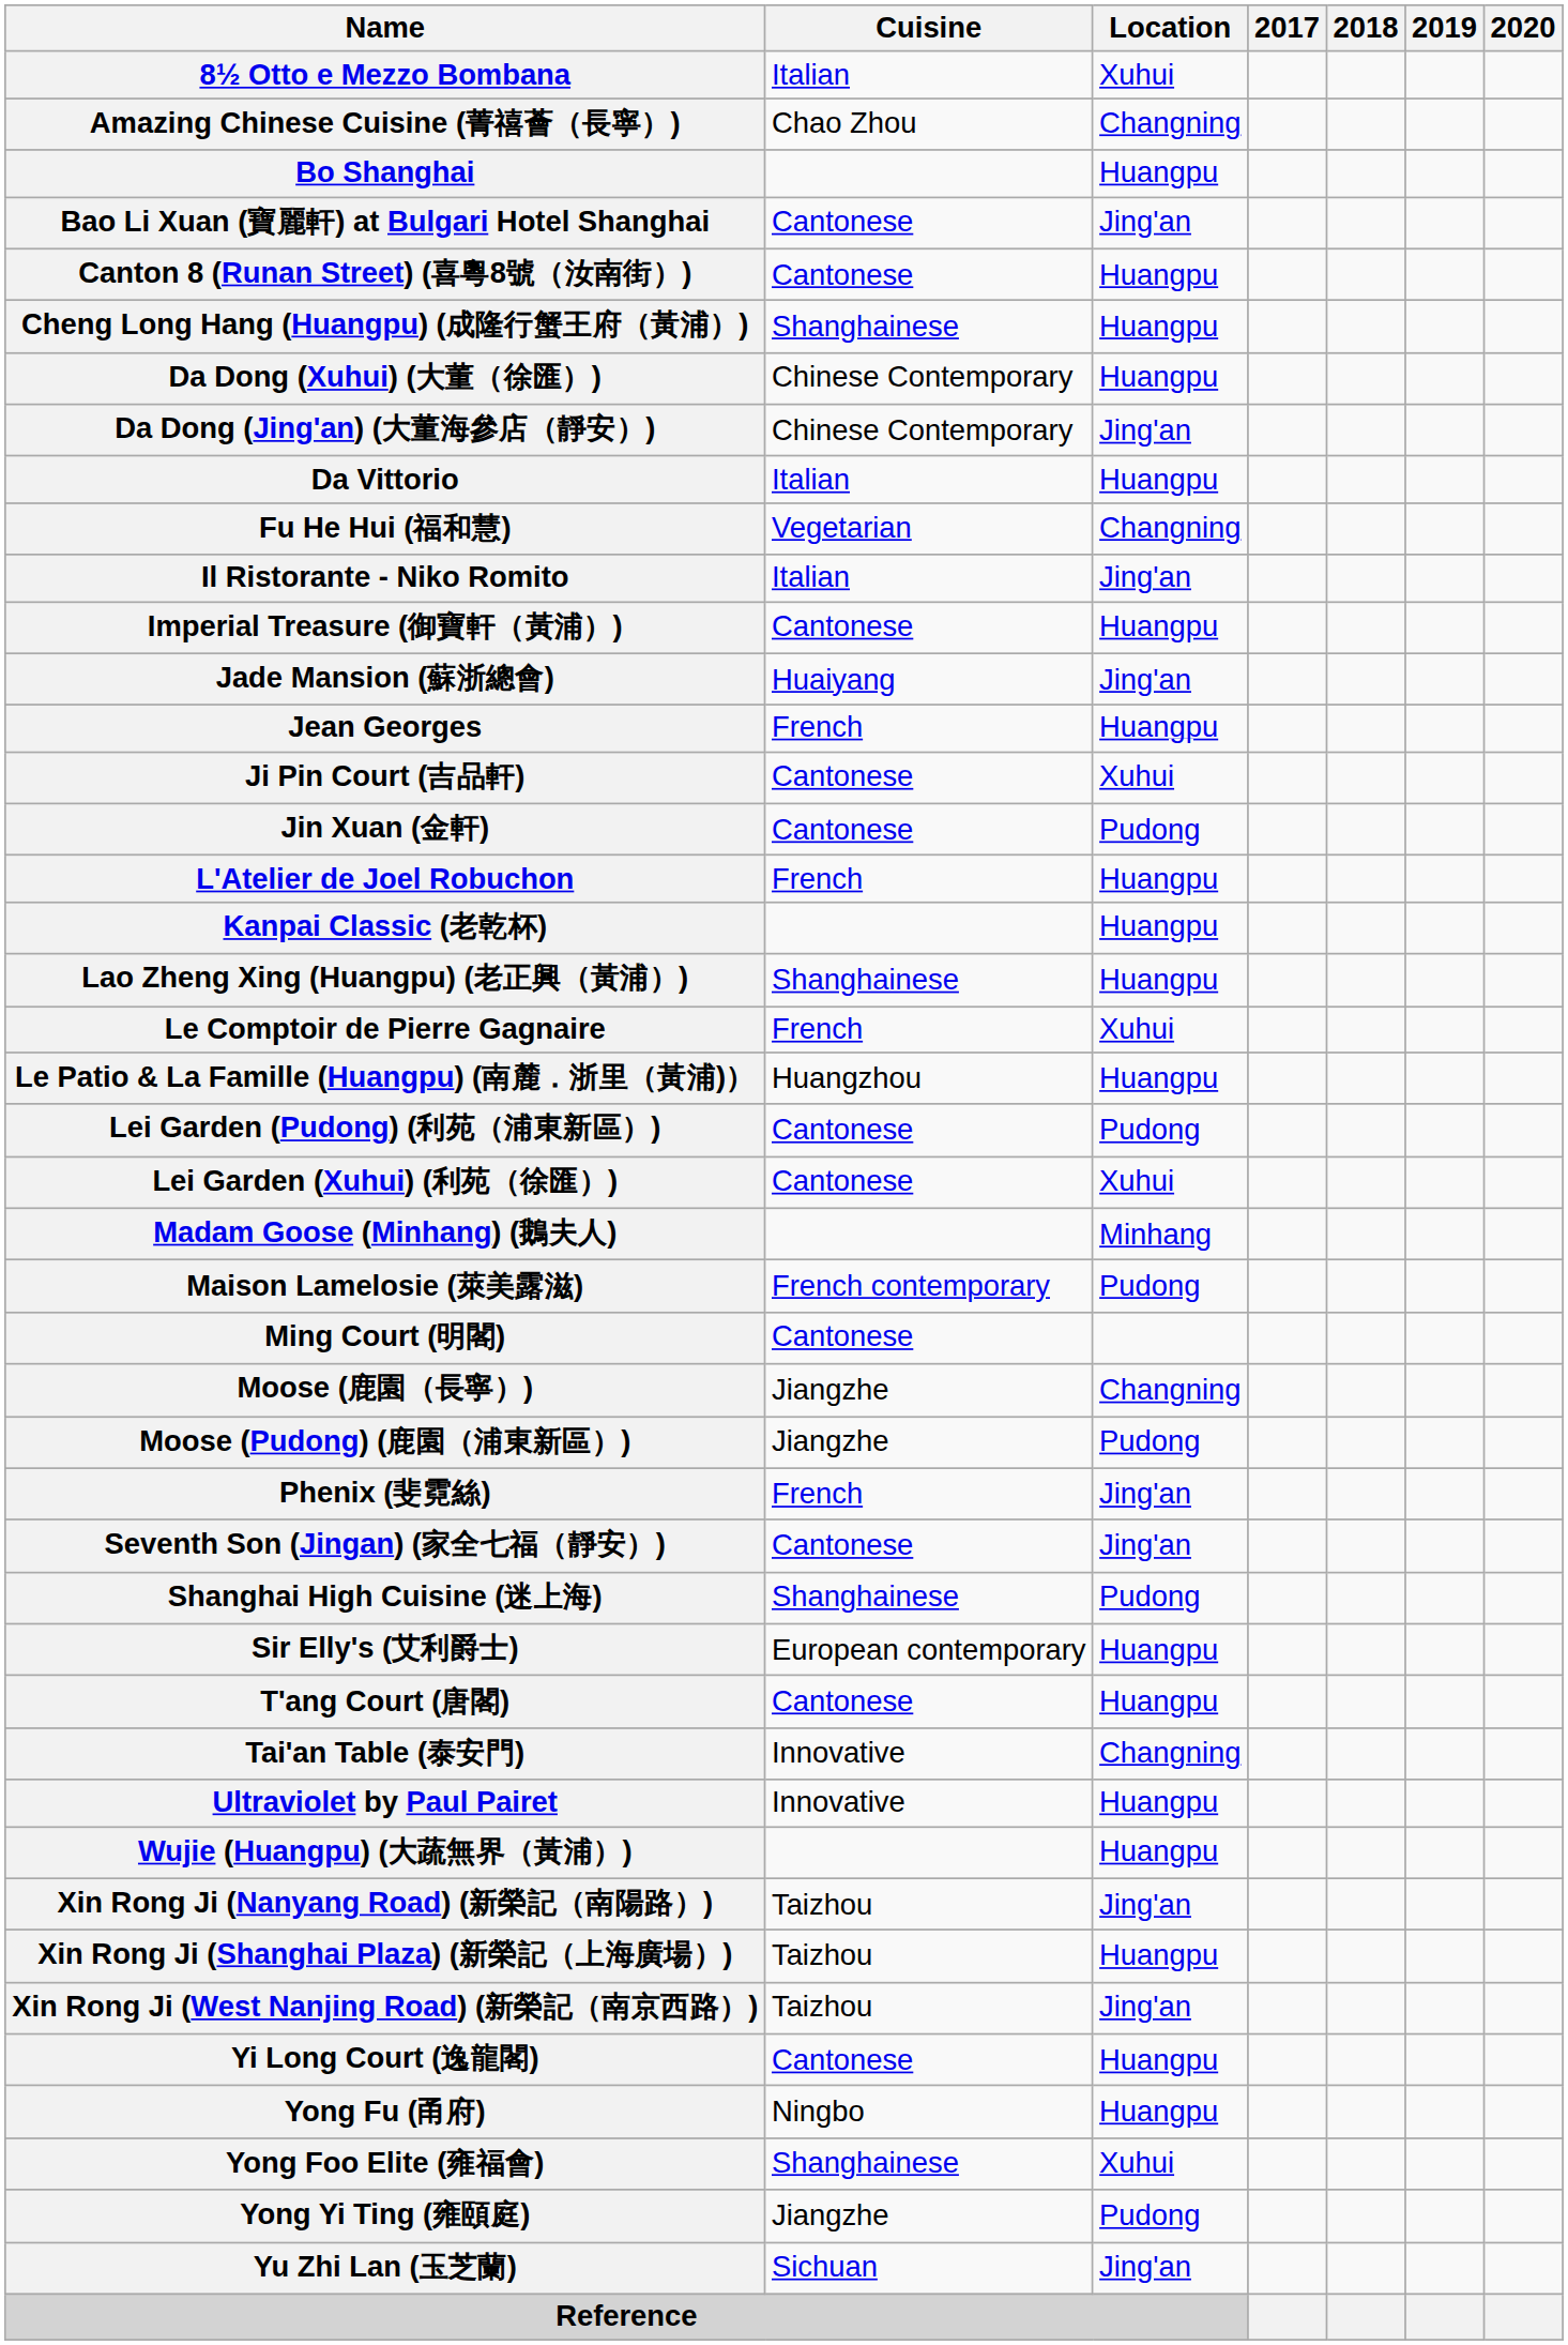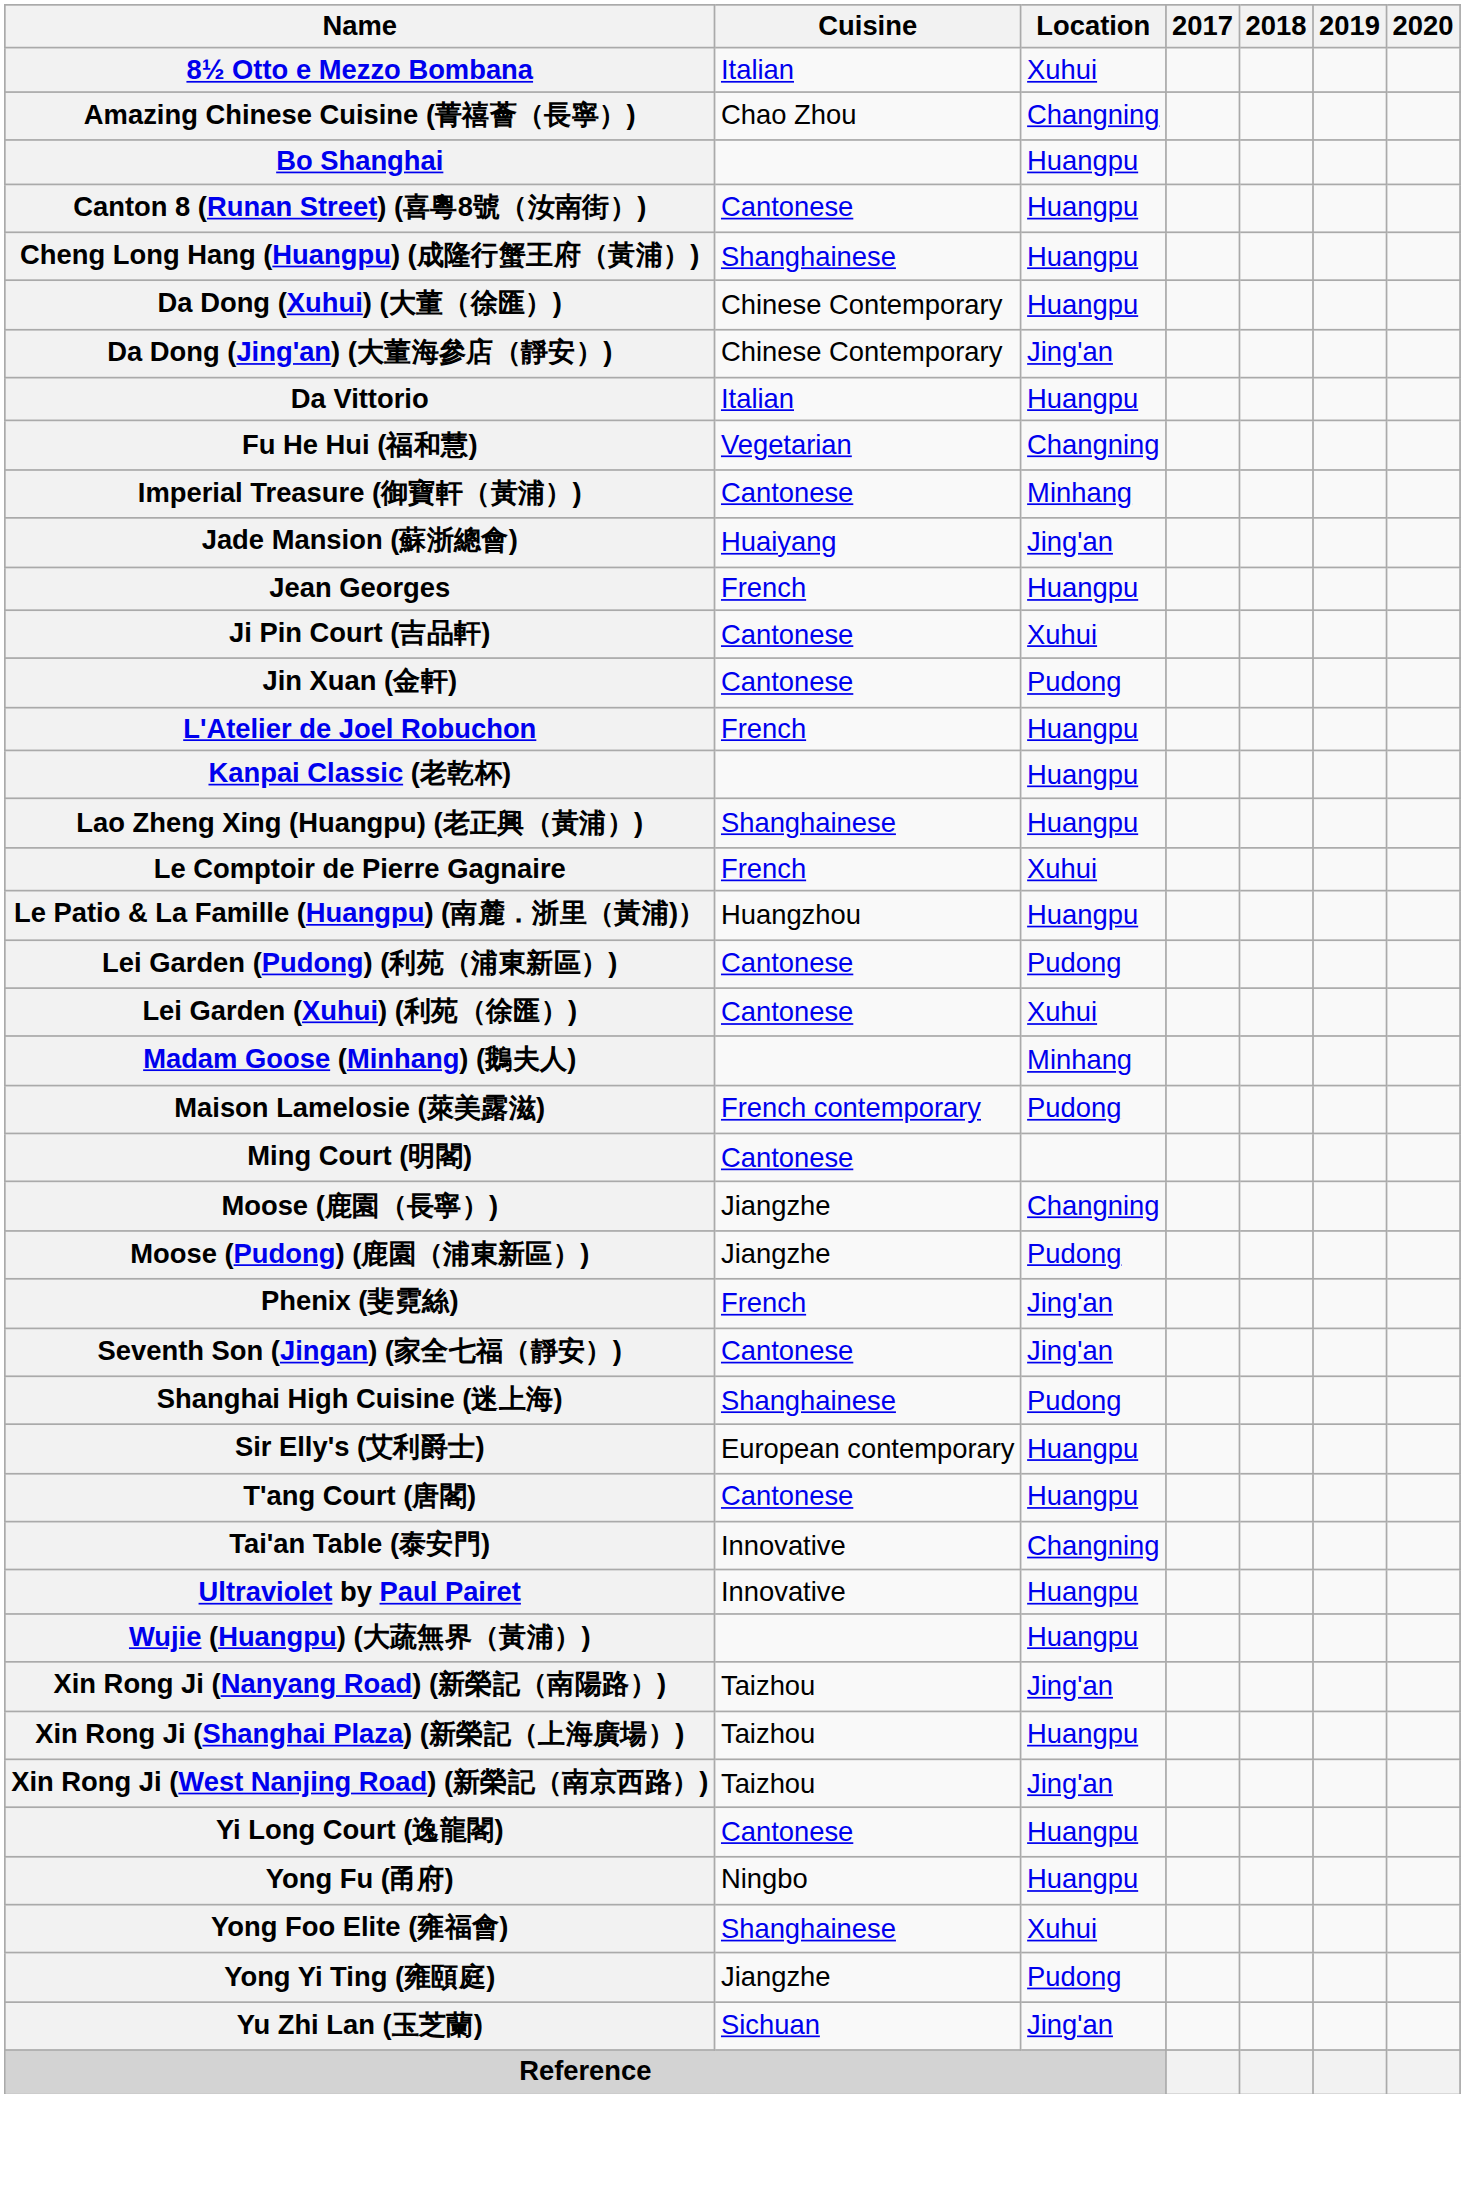 <table class="wikitable sortable plainrowheaders" style="text-align:left;"">
 <tr>
 <th scope="col">Name</th>
 <th scope="col">Cuisine</th>
 <th scope="col">Location</th>
 <th scope="col">2017</th>
 <th scope="col">2018</th>
 <th scope="col">2019</th>
 <th scope="col">2020</th>
 </tr>
 <tr>
 <th scope="row"><a href='#'>8½ Otto e Mezzo Bombana</a></th>
 <td><a href='#'>Italian</a></td>
 <td><a href='#'>Xuhui</a></td>
 <td></td>
 <td></td>
 <td></td>
 <td></td>
 </tr>
 <tr>
 <th scope="row">Amazing Chinese Cuisine  (菁禧薈（長寧）)</th>
 <td>Chao Zhou</td>
 <td><a href='#'>Changning</a></td>
 <td></td>
 <td></td>
 <td></td>
 <td></td>
 </tr>
 <tr>
 <th scope="row"><a href='#'>Bo Shanghai</a></th>
 <td></td>
 <td><a href='#'>Huangpu</a></td>
-<td></td>
-<td></td>
-<td></td>
-<td></td>
-</tr>
-<tr>
-<th scope="row">Bao Li Xuan (寶麗軒) at <a href='#'>Bulgari</a> Hotel Shanghai</th>
-<td><a href='#'>Cantonese</a></td>
-<td><a href='#'>Jing'an</a></td>
 <td></td>
 <td></td>
 <td></td>
 <td></td>
 </tr>
 <tr>
 <th scope="row">Canton 8 (<a href='#'>Runan Street</a>) (喜粵8號（汝南街）)</th>
 <td><a href='#'>Cantonese</a></td>
 <td><a href='#'>Huangpu</a></td>
 <td></td>
 <td></td>
 <td></td>
 <td></td>
 </tr>
 <tr>
 <th scope="row">Cheng Long Hang (<a href='#'>Huangpu</a>) (成隆行蟹王府（黃浦）)</th>
 <td><a href='#'>Shanghainese</a></td>
 <td><a href='#'>Huangpu</a></td>
 <td></td>
 <td></td>
 <td></td>
 <td></td>
 </tr>
 <tr>
 <th scope="row">Da Dong (<a href='#'>Xuhui</a>) (大董（徐匯）)</th>
 <td>Chinese Contemporary</td>
 <td><a href='#'>Huangpu</a></td>
 <td></td>
 <td></td>
 <td></td>
 <td></td>
 </tr>
 <tr>
 <th scope="row">Da Dong (<a href='#'>Jing'an</a>) (大董海參店（靜安）)</th>
 <td>Chinese Contemporary</td>
 <td><a href='#'>Jing'an</a></td>
 <td></td>
 <td></td>
 <td></td>
 <td></td>
 </tr>
 <tr>
 <th scope="row">Da Vittorio</th>
 <td><a href='#'>Italian</a></td>
 <td><a href='#'>Huangpu</a></td>
 <td></td>
 <td></td>
 <td></td>
 <td></td>
 </tr>
 <tr>
 <th scope="row">Fu He Hui (福和慧)</th>
 <td><a href='#'>Vegetarian</a></td>
 <td><a href='#'>Changning</a></td>
 <td></td>
 <td></td>
 <td></td>
 <td></td>
 </tr>
 <tr>
-<th scope="row">Il Ristorante - Niko Romito</th>
-<td><a href='#'>Italian</a></td>
-<td><a href='#'>Jing'an</a></td>
-<td></td>
-<td></td>
-<td></td>
-<td></td>
-</tr>
-<tr>
 <th scope="row">Imperial Treasure (御寶軒（黃浦）)</th>
 <td><a href='#'>Cantonese</a></td>
-<td><a href='#'>Huangpu</a></td>
+<td><a href='#'>Minhang</a></td>
 <td></td>
 <td></td>
 <td></td>
 <td></td>
 </tr>
 <tr>
 <th scope="row">Jade Mansion (蘇浙總會)</th>
 <td><a href='#'>Huaiyang</a></td>
 <td><a href='#'>Jing'an</a></td>
 <td></td>
 <td></td>
 <td></td>
 <td></td>
 </tr>
 <tr>
 <th scope="row">Jean Georges</th>
 <td><a href='#'>French</a></td>
 <td><a href='#'>Huangpu</a></td>
 <td></td>
 <td></td>
 <td></td>
 <td></td>
 </tr>
 <tr>
 <th scope="row">Ji Pin Court (吉品軒)</th>
 <td><a href='#'>Cantonese</a></td>
 <td><a href='#'>Xuhui</a></td>
 <td></td>
 <td></td>
 <td></td>
 <td></td>
 </tr>
 <tr>
 <th scope="row">Jin Xuan (金軒)</th>
 <td><a href='#'>Cantonese</a></td>
 <td><a href='#'>Pudong</a></td>
 <td></td>
 <td></td>
 <td></td>
 <td></td>
 </tr>
 <tr>
 <th scope="row"><a href='#'>L'Atelier de Joel Robuchon</a></th>
 <td><a href='#'>French</a></td>
 <td><a href='#'>Huangpu</a></td>
 <td></td>
 <td></td>
 <td></td>
 <td></td>
 </tr>
 <tr>
 <th scope="row"><a href='#'>Kanpai Classic</a> (老乾杯)</th>
 <td></td>
 <td><a href='#'>Huangpu</a></td>
 <td></td>
 <td></td>
 <td></td>
 <td></td>
 </tr>
 <tr>
 <th scope="row">Lao Zheng Xing (Huangpu) (老正興（黃浦）)</th>
 <td><a href='#'>Shanghainese</a></td>
 <td><a href='#'>Huangpu</a></td>
 <td></td>
 <td></td>
 <td></td>
 <td></td>
 </tr>
 <tr>
 <th scope="row">Le Comptoir de Pierre Gagnaire</th>
 <td><a href='#'>French</a></td>
 <td><a href='#'>Xuhui</a></td>
 <td></td>
 <td></td>
 <td></td>
 <td></td>
 </tr>
 <tr>
 <th scope="row">Le Patio & La Famille (<a href='#'>Huangpu</a>) (南麓．浙里（黃浦)）</th>
 <td>Huangzhou</td>
 <td><a href='#'>Huangpu</a></td>
 <td></td>
 <td></td>
 <td></td>
 <td></td>
 </tr>
 <tr>
 <th scope="row">Lei Garden (<a href='#'>Pudong</a>) (利苑（浦東新區）)</th>
 <td><a href='#'>Cantonese</a></td>
 <td><a href='#'>Pudong</a></td>
 <td></td>
 <td></td>
 <td></td>
 <td></td>
 </tr>
 <tr>
 <th scope="row">Lei Garden (<a href='#'>Xuhui</a>) (利苑（徐匯）)</th>
 <td><a href='#'>Cantonese</a></td>
 <td><a href='#'>Xuhui</a></td>
 <td></td>
 <td></td>
 <td></td>
 <td></td>
 </tr>
 <tr>
 <th scope="row"><a href='#'>Madam Goose</a> (<a href='#'>Minhang</a>) (鵝夫人)</th>
 <td></td>
 <td><a href='#'>Minhang</a></td>
 <td></td>
 <td></td>
 <td></td>
 <td></td>
 </tr>
 <tr>
 <th scope="row">Maison Lamelosie (萊美露滋)</th>
 <td><a href='#'>French contemporary</a></td>
 <td><a href='#'>Pudong</a></td>
 <td></td>
 <td></td>
 <td></td>
 <td></td>
 </tr>
 <tr>
 <th scope="row">Ming Court (明閣)</th>
 <td><a href='#'>Cantonese</a></td>
 <td></td>
 <td></td>
 <td></td>
 <td></td>
 <td></td>
 </tr>
 <tr>
 <th scope="row">Moose (鹿園（長寧）)</th>
 <td>Jiangzhe</td>
 <td><a href='#'>Changning</a></td>
 <td></td>
 <td></td>
 <td></td>
 <td></td>
 </tr>
 <tr>
 <th scope="row">Moose (<a href='#'>Pudong</a>) (鹿園（浦東新區）)</th>
 <td>Jiangzhe</td>
 <td><a href='#'>Pudong</a></td>
 <td></td>
 <td></td>
 <td></td>
 <td></td>
 </tr>
 <tr>
 <th scope="row">Phenix (斐霓絲)</th>
 <td><a href='#'>French</a></td>
 <td><a href='#'>Jing'an</a></td>
 <td></td>
 <td></td>
 <td></td>
 <td></td>
 </tr>
 <tr>
 <th scope="row">Seventh Son (<a href='#'>Jingan</a>) (家全七福（靜安）)</th>
 <td><a href='#'>Cantonese</a></td>
 <td><a href='#'>Jing'an</a></td>
 <td></td>
 <td></td>
 <td></td>
 <td></td>
 </tr>
 <tr>
 <th scope="row">Shanghai High Cuisine (迷上海)</th>
 <td><a href='#'>Shanghainese</a></td>
 <td><a href='#'>Pudong</a></td>
 <td></td>
 <td></td>
 <td></td>
 <td></td>
 </tr>
 <tr>
 <th scope="row">Sir Elly's (艾利爵士)</th>
 <td>European contemporary</td>
 <td><a href='#'>Huangpu</a></td>
 <td></td>
 <td></td>
 <td></td>
 <td></td>
 </tr>
 <tr>
 <th scope="row">T'ang Court (唐閣)</th>
 <td><a href='#'>Cantonese</a></td>
 <td><a href='#'>Huangpu</a></td>
 <td></td>
 <td></td>
 <td></td>
 <td></td>
 </tr>
 <tr>
 <th scope="row">Tai'an Table (泰安門)</th>
 <td>Innovative</td>
 <td><a href='#'>Changning</a></td>
 <td></td>
 <td></td>
 <td></td>
 <td></td>
 </tr>
 <tr>
 <th scope="row"><a href='#'>Ultraviolet</a> by <a href='#'>Paul Pairet</a></th>
 <td>Innovative</td>
 <td><a href='#'>Huangpu</a></td>
 <td></td>
 <td></td>
 <td></td>
 <td></td>
 </tr>
 <tr>
 <th scope="row"><a href='#'>Wujie</a> (<a href='#'>Huangpu</a>) (大蔬無界（黃浦）)</th>
 <td></td>
 <td><a href='#'>Huangpu</a></td>
 <td></td>
 <td></td>
 <td></td>
 <td></td>
 </tr>
 <tr>
 <th scope="row">Xin Rong Ji (<a href='#'>Nanyang Road</a>) (新榮記（南陽路）)</th>
 <td>Taizhou</td>
 <td><a href='#'>Jing'an</a></td>
 <td></td>
 <td></td>
 <td></td>
 <td></td>
 </tr>
 <tr>
 <th scope="row">Xin Rong Ji (<a href='#'>Shanghai Plaza</a>) (新榮記（上海廣場）)</th>
 <td>Taizhou</td>
 <td><a href='#'>Huangpu</a></td>
 <td></td>
 <td></td>
 <td></td>
 <td></td>
 </tr>
 <tr>
 <th scope="row">Xin Rong Ji (<a href='#'>West Nanjing Road</a>) (新榮記（南京西路）)</th>
 <td>Taizhou</td>
 <td><a href='#'>Jing'an</a></td>
 <td></td>
 <td></td>
 <td></td>
 <td></td>
 </tr>
 <tr>
 <th scope="row">Yi Long Court (逸龍閣)</th>
 <td><a href='#'>Cantonese</a></td>
 <td><a href='#'>Huangpu</a></td>
 <td></td>
 <td></td>
 <td></td>
 <td></td>
 </tr>
 <tr>
 <th scope="row">Yong Fu (甬府)</th>
 <td>Ningbo</td>
 <td><a href='#'>Huangpu</a></td>
 <td></td>
 <td></td>
 <td></td>
 <td></td>
 </tr>
 <tr>
 <th scope="row">Yong Foo Elite (雍福會)</th>
 <td><a href='#'>Shanghainese</a></td>
 <td><a href='#'>Xuhui</a></td>
 <td></td>
 <td></td>
 <td></td>
 <td></td>
 </tr>
 <tr>
 <th scope="row">Yong Yi Ting (雍頤庭)</th>
 <td>Jiangzhe</td>
 <td><a href='#'>Pudong</a></td>
 <td></td>
 <td></td>
 <td></td>
 <td></td>
 </tr>
 <tr>
 <th scope="row">Yu Zhi Lan (玉芝蘭)</th>
 <td><a href='#'>Sichuan</a></td>
 <td><a href='#'>Jing'an</a></td>
 <td></td>
 <td></td>
 <td></td>
 <td></td>
 </tr>
 <tr>
 <th colspan="3" style="text-align: center;background: lightgray;">Reference</th>
 <th></th>
 <th></th>
 <th></th>
 <th></th>
 </tr>
 </table>
